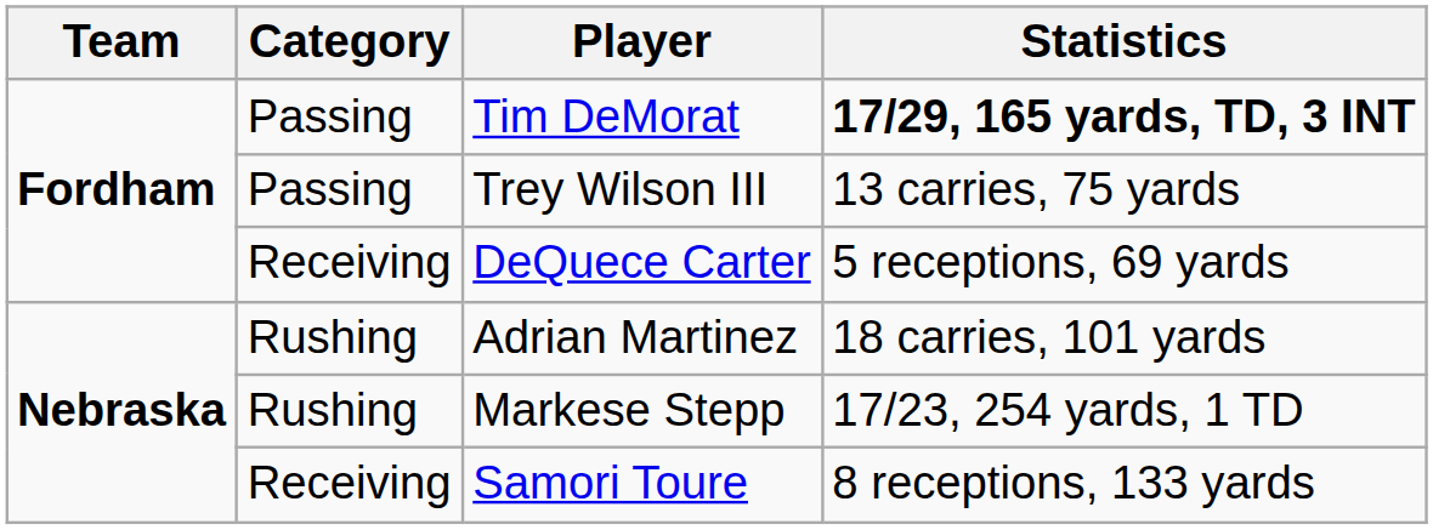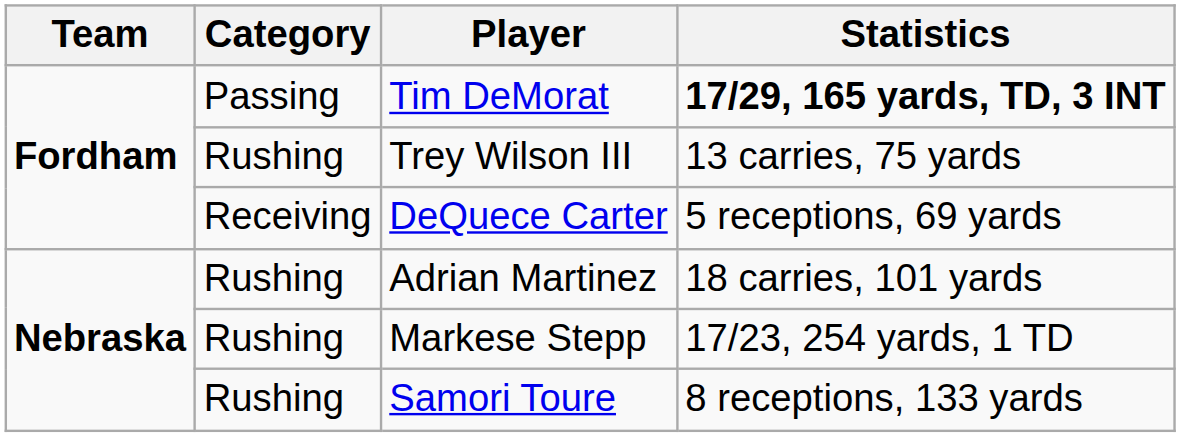 <table class="wikitable" style="float: right;">
 <tr>
 <th>Team</th>
 <th>Category</th>
 <th>Player</th>
 <th>Statistics</th>
 </tr>
 <tr>
 <td rowspan=3><strong>Fordham</strong></td>
 <td>Passing</td>
 <td><a href='#'>Tim DeMorat</a></td>
 <td><strong>17/29, 165 yards, TD, 3 INT</strong></td>
 </tr>
 <tr>
-<td>Passing</td>
+<td>Rushing</td>
 <td>Trey Wilson III</td>
 <td>13 carries, 75 yards</td>
 </tr>
 <tr>
 <td>Receiving</td>
 <td><a href='#'>DeQuece Carter</a></td>
 <td>5 receptions, 69 yards</td>
 </tr>
 <tr>
 <td rowspan=3><strong>Nebraska</strong></td>
 <td>Rushing</td>
 <td>Adrian Martinez</td>
 <td>18 carries, 101 yards</td>
 </tr>
 <tr>
 <td>Rushing</td>
 <td>Markese Stepp</td>
 <td>17/23, 254 yards, 1 TD</td>
 </tr>
 <tr>
-<td>Receiving</td>
+<td>Rushing</td>
 <td><a href='#'>Samori Toure</a></td>
 <td>8 receptions, 133 yards</td>
 </tr>
 </table>
